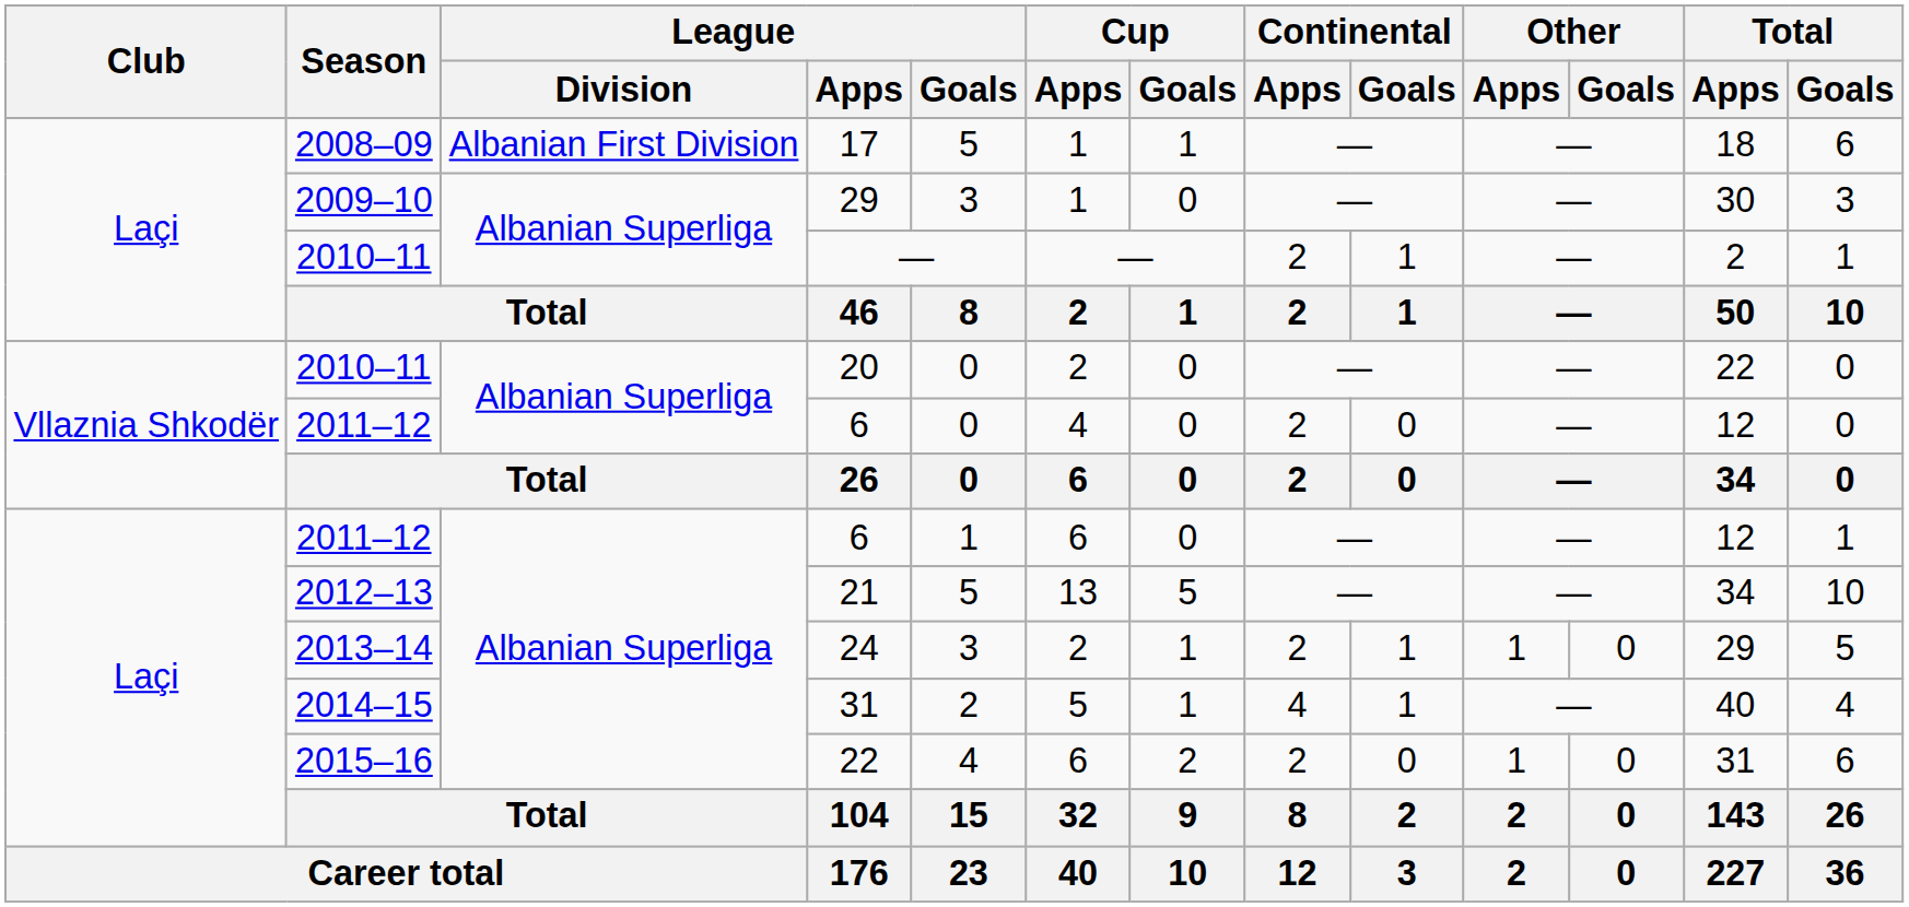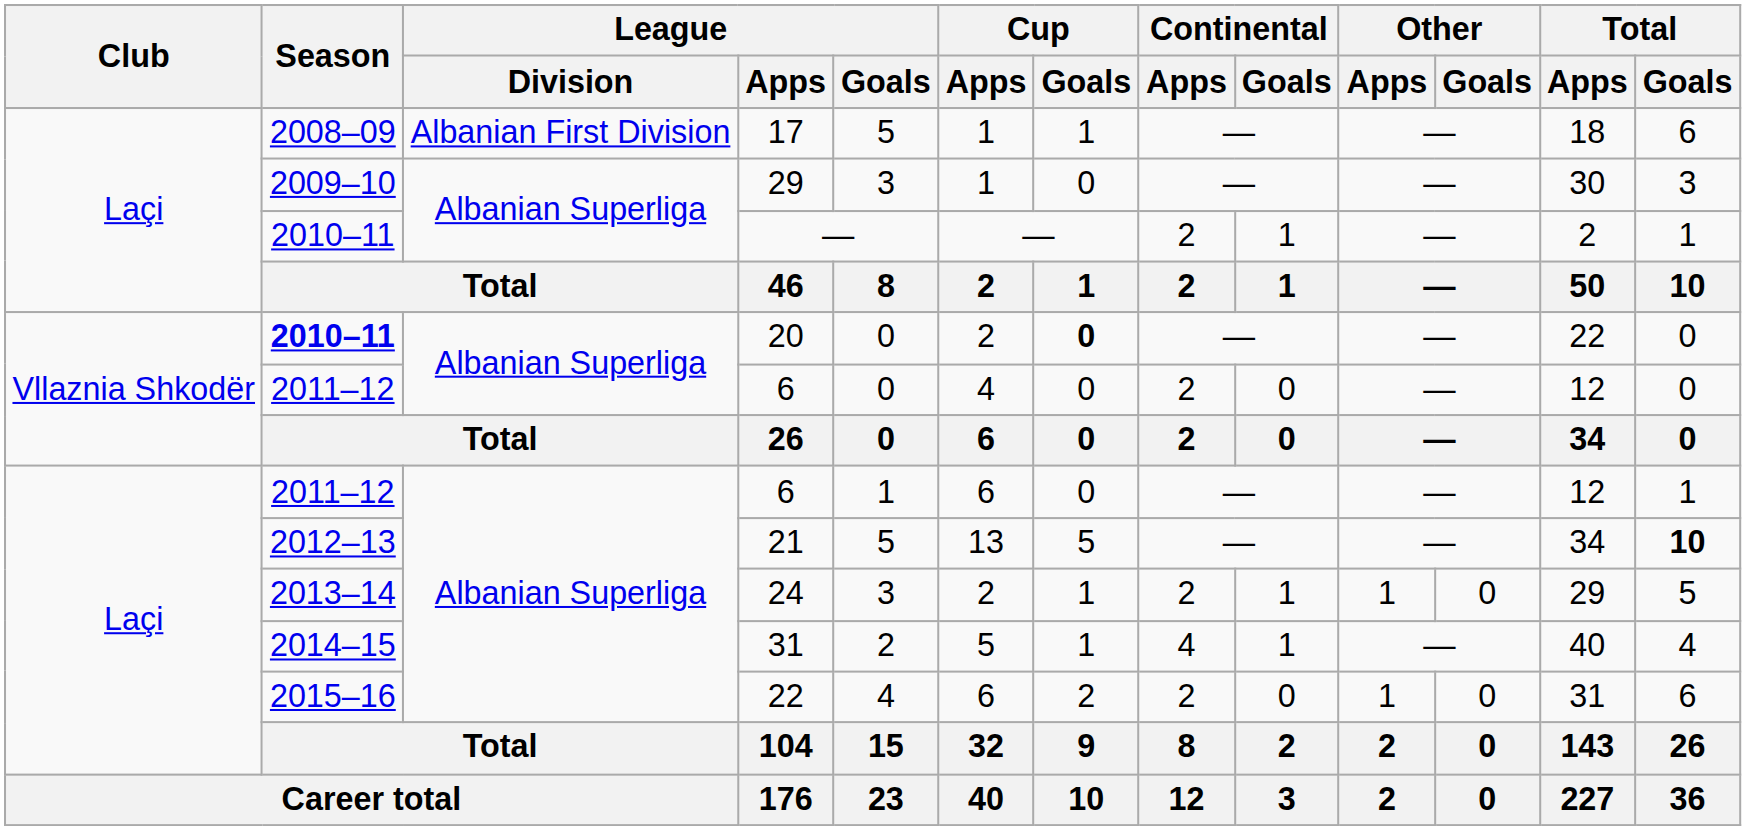 <table class="wikitable" style="text-align:center">
 <tr>
 <th rowspan="2">Club</th>
 <th rowspan="2">Season</th>
 <th colspan="3">League</th>
 <th colspan="2">Cup</th>
 <th colspan="2">Continental</th>
 <th colspan="2">Other</th>
 <th colspan="2">Total</th>
 </tr>
 <tr>
 <th>Division</th>
 <th>Apps</th>
 <th>Goals</th>
 <th>Apps</th>
 <th>Goals</th>
 <th>Apps</th>
 <th>Goals</th>
 <th>Apps</th>
 <th>Goals</th>
 <th>Apps</th>
 <th>Goals</th>
 </tr>
 <tr>
 <td rowspan="4"><a href='#'>Laçi</a></td>
 <td><a href='#'>2008–09</a></td>
 <td rowspan="1"><a href='#'>Albanian First Division</a></td>
 <td>17</td>
 <td>5</td>
 <td>1</td>
 <td>1</td>
 <td colspan="2">—</td>
 <td colspan="2">—</td>
 <td>18</td>
 <td>6</td>
 </tr>
 <tr>
 <td><a href='#'>2009–10</a></td>
 <td rowspan="2"><a href='#'>Albanian Superliga</a></td>
 <td>29</td>
 <td>3</td>
 <td>1</td>
 <td>0</td>
 <td colspan="2">—</td>
 <td colspan="2">—</td>
 <td>30</td>
 <td>3</td>
 </tr>
 <tr>
 <td><a href='#'>2010–11</a></td>
 <td colspan="2">—</td>
 <td colspan="2">—</td>
 <td>2</td>
 <td>1</td>
 <td colspan="2">—</td>
 <td>2</td>
 <td>1</td>
 </tr>
 <tr>
 <th colspan="2">Total</th>
 <th>46</th>
 <th>8</th>
 <th>2</th>
 <th>1</th>
 <th>2</th>
 <th>1</th>
 <th colspan="2">—</th>
 <th>50</th>
 <th>10</th>
 </tr>
 <tr>
 <td rowspan="3"><a href='#'>Vllaznia Shkodër</a></td>
-<td><a href='#'>2010–11</a></td>
+<td><strong><a href='#'>2010–11</a></strong></td>
 <td rowspan="2"><a href='#'>Albanian Superliga</a></td>
 <td>20</td>
 <td>0</td>
 <td>2</td>
-<td>0</td>
+<td><strong>0</strong></td>
 <td colspan="2">—</td>
 <td colspan="2">—</td>
 <td>22</td>
 <td>0</td>
 </tr>
 <tr>
 <td><a href='#'>2011–12</a></td>
 <td>6</td>
 <td>0</td>
 <td>4</td>
 <td>0</td>
 <td>2</td>
 <td>0</td>
 <td colspan="2">—</td>
 <td>12</td>
 <td>0</td>
 </tr>
 <tr>
 <th colspan="2">Total</th>
 <th>26</th>
 <th>0</th>
 <th>6</th>
 <th>0</th>
 <th>2</th>
 <th>0</th>
 <th colspan="2">—</th>
 <th>34</th>
 <th>0</th>
 </tr>
 <tr>
 <td rowspan="6"><a href='#'>Laçi</a></td>
 <td><a href='#'>2011–12</a></td>
 <td rowspan="5"><a href='#'>Albanian Superliga</a></td>
 <td>6</td>
 <td>1</td>
 <td>6</td>
 <td>0</td>
 <td colspan="2">—</td>
 <td colspan="2">—</td>
 <td>12</td>
 <td>1</td>
 </tr>
 <tr>
 <td><a href='#'>2012–13</a></td>
 <td>21</td>
 <td>5</td>
 <td>13</td>
 <td>5</td>
 <td colspan="2">—</td>
 <td colspan="2">—</td>
 <td>34</td>
-<td>10</td>
+<td><strong>10</strong></td>
 </tr>
 <tr>
 <td><a href='#'>2013–14</a></td>
 <td>24</td>
 <td>3</td>
 <td>2</td>
 <td>1</td>
 <td>2</td>
 <td>1</td>
 <td>1</td>
 <td>0</td>
 <td>29</td>
 <td>5</td>
 </tr>
 <tr>
 <td><a href='#'>2014–15</a></td>
 <td>31</td>
 <td>2</td>
 <td>5</td>
 <td>1</td>
 <td>4</td>
 <td>1</td>
 <td colspan="2">—</td>
 <td>40</td>
 <td>4</td>
 </tr>
 <tr>
 <td><a href='#'>2015–16</a></td>
 <td>22</td>
 <td>4</td>
 <td>6</td>
 <td>2</td>
 <td>2</td>
 <td>0</td>
 <td>1</td>
 <td>0</td>
 <td>31</td>
 <td>6</td>
 </tr>
 <tr>
 <th colspan="2">Total</th>
 <th>104</th>
 <th>15</th>
 <th>32</th>
 <th>9</th>
 <th>8</th>
 <th>2</th>
 <th>2</th>
 <th>0</th>
 <th>143</th>
 <th>26</th>
 </tr>
 <tr>
 <th colspan="3">Career total</th>
 <th>176</th>
 <th>23</th>
 <th>40</th>
 <th>10</th>
 <th>12</th>
 <th>3</th>
 <th>2</th>
 <th>0</th>
 <th>227</th>
 <th>36</th>
 </tr>
 </table>
